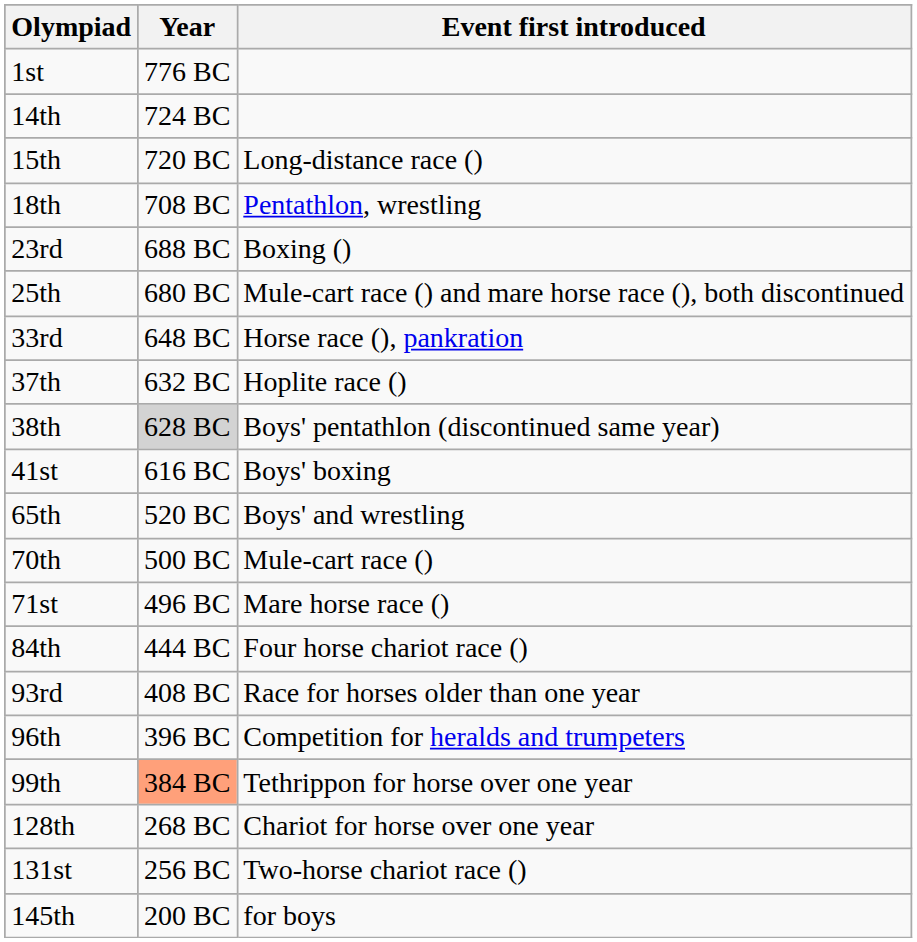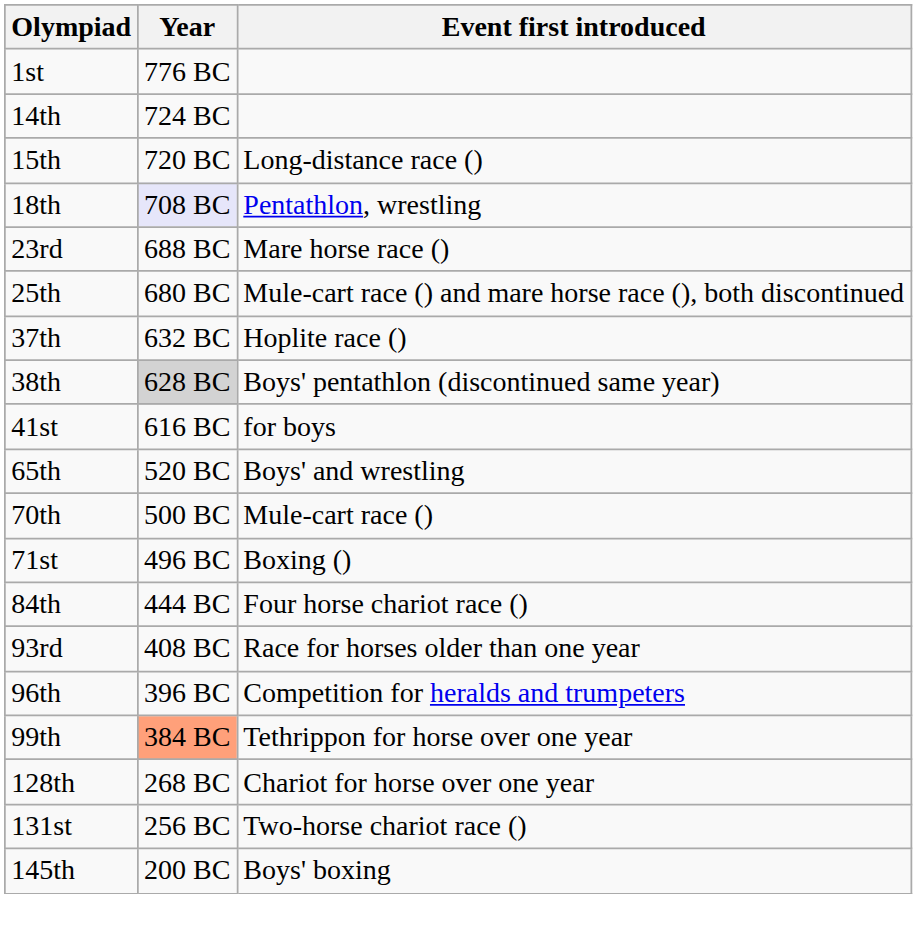 <table class="wikitable">
 <tr>
 <th>Olympiad</th>
 <th>Year</th>
 <th>Event first introduced</th>
 </tr>
 <tr>
 <td>1st</td>
 <td>776 BC</td>
 <td></td>
 </tr>
 <tr>
 <td>14th</td>
 <td>724 BC</td>
 <td></td>
 </tr>
 <tr>
 <td>15th</td>
 <td>720 BC</td>
 <td>Long-distance race ()</td>
 </tr>
 <tr>
 <td>18th</td>
-<td>708 BC</td>
+<td style="background: lavender;">708 BC</td>
 <td><a href='#'>Pentathlon</a>, wrestling</td>
 </tr>
 <tr>
 <td>23rd</td>
 <td>688 BC</td>
-<td>Boxing ()</td>
+<td>Mare horse race ()</td>
 </tr>
 <tr>
 <td>25th</td>
 <td>680 BC</td>
 <td>Mule-cart race () and mare horse race (), both discontinued</td>
-</tr>
-<tr>
-<td>33rd</td>
-<td>648 BC</td>
-<td>Horse race (), <a href='#'>pankration</a></td>
 </tr>
 <tr>
 <td>37th</td>
 <td>632 BC</td>
 <td>Hoplite race ()</td>
 </tr>
 <tr>
 <td>38th</td>
 <td style="background: lightgrey;">628 BC</td>
 <td>Boys' pentathlon (discontinued same year)</td>
 </tr>
 <tr>
 <td>41st</td>
 <td>616 BC</td>
-<td>Boys' boxing</td>
+<td> for boys</td>
 </tr>
 <tr>
 <td>65th</td>
 <td>520 BC</td>
 <td>Boys'  and wrestling</td>
 </tr>
 <tr>
 <td>70th</td>
 <td>500 BC</td>
 <td>Mule-cart race ()</td>
 </tr>
 <tr>
 <td>71st</td>
 <td>496 BC</td>
-<td>Mare horse race ()</td>
+<td>Boxing ()</td>
 </tr>
 <tr>
 <td>84th</td>
 <td>444 BC</td>
 <td>Four horse chariot race ()</td>
 </tr>
 <tr>
 <td>93rd</td>
 <td>408 BC</td>
 <td>Race for horses older than one year</td>
 </tr>
 <tr>
 <td>96th</td>
 <td>396 BC</td>
 <td>Competition for <a href='#'>heralds and trumpeters</a></td>
 </tr>
 <tr>
 <td>99th</td>
 <td style="background: lightsalmon;">384 BC</td>
 <td>Tethrippon for horse over one year</td>
 </tr>
 <tr>
 <td>128th</td>
 <td>268 BC</td>
 <td>Chariot for horse over one year</td>
 </tr>
 <tr>
 <td>131st</td>
 <td>256 BC</td>
 <td>Two-horse chariot race ()</td>
 </tr>
 <tr>
 <td>145th</td>
 <td>200 BC</td>
-<td> for boys</td>
+<td>Boys' boxing</td>
 </tr>
 </table>
